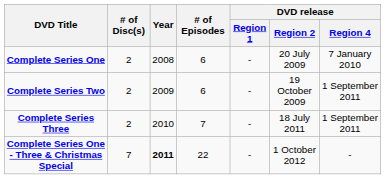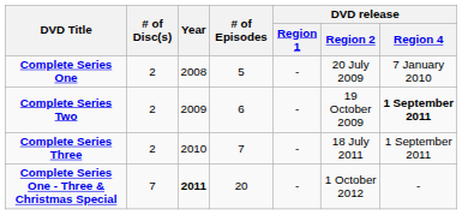 <table class="wikitable" width="99%" style="left: 0 auto; text-align: center;">
 <tr>
 <th rowspan="2">DVD Title</th>
 <th rowspan="2"># of Disc(s)</th>
 <th rowspan="2">Year</th>
 <th rowspan="2"># of Episodes</th>
 <th colspan="3">DVD release</th>
 </tr>
 <tr>
 <th><a href='#'>Region 1</a></th>
 <th><a href='#'>Region 2</a></th>
 <th><a href='#'>Region 4</a></th>
 </tr>
 <tr>
 <td><strong><a href='#'>Complete Series One</a></strong></td>
 <td>2</td>
 <td>2008</td>
-<td>6</td>
+<td>5</td>
 <td>-</td>
 <td>20 July 2009</td>
 <td>7 January 2010</td>
 </tr>
 <tr>
 <td><strong><a href='#'>Complete Series Two</a></strong></td>
 <td>2</td>
 <td>2009</td>
 <td>6</td>
 <td>-</td>
 <td>19 October 2009</td>
-<td>1 September 2011</td>
+<td><strong>1 September 2011</strong></td>
 </tr>
 <tr>
 <td><strong><a href='#'>Complete Series Three</a></strong></td>
 <td>2</td>
 <td>2010</td>
 <td>7</td>
 <td>-</td>
 <td>18 July 2011</td>
 <td>1 September 2011</td>
 </tr>
 <tr>
 <td><strong><a href='#'>Complete Series One - Three & Christmas Special</a></strong></td>
 <td>7</td>
 <td><strong>2011</strong></td>
-<td>22</td>
+<td>20</td>
 <td>-</td>
 <td>1 October 2012</td>
 <td>-</td>
 </tr>
 </table>
